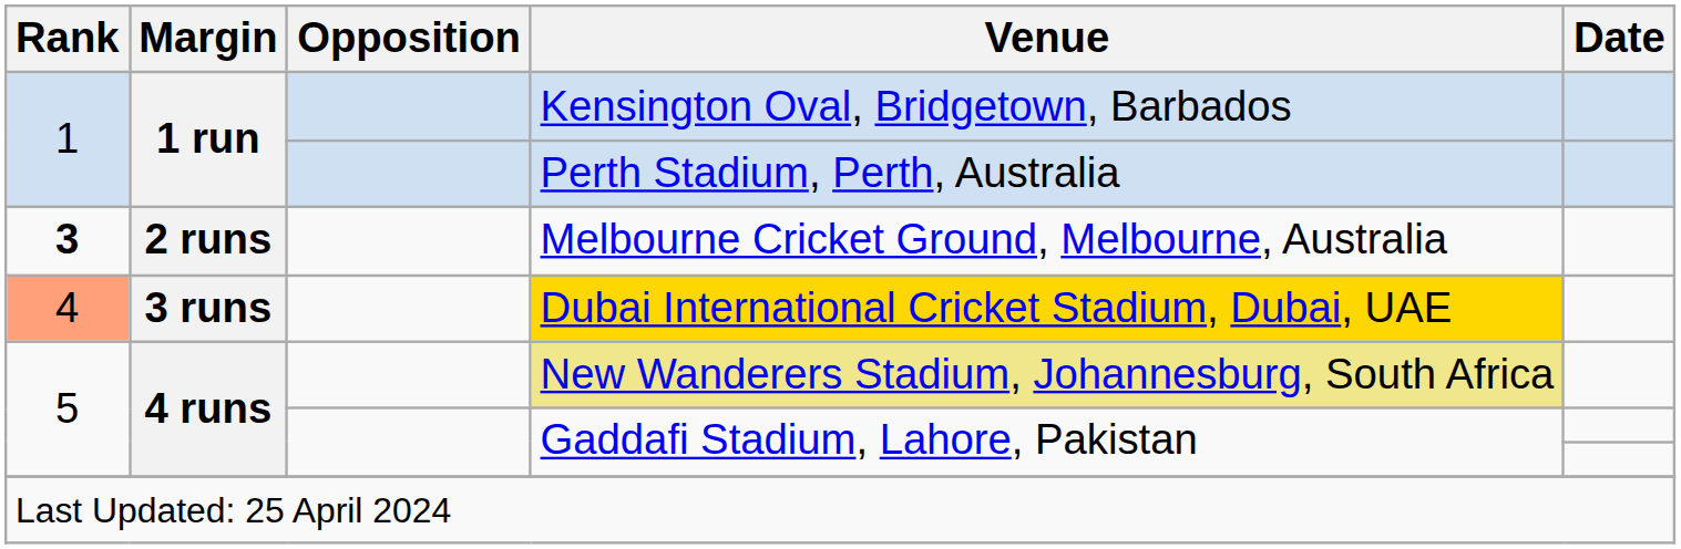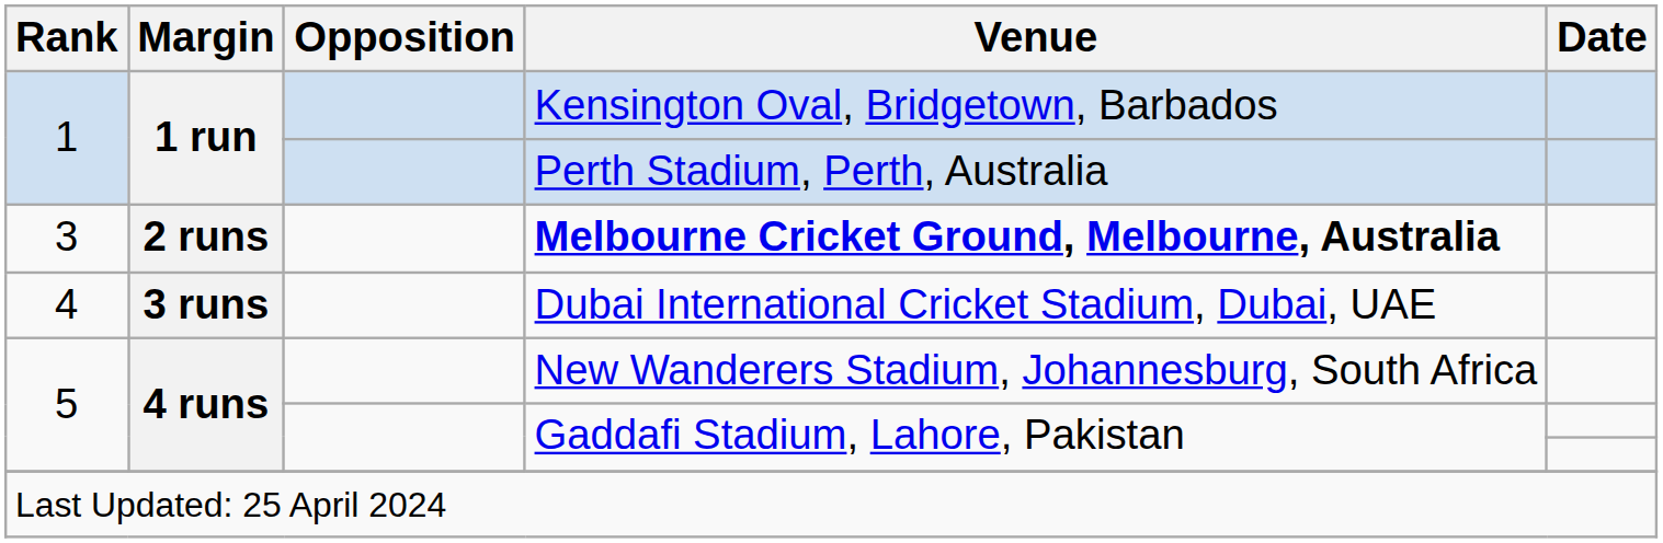 <table class="wikitable plainrowheaders sortable">
 <tr>
 <th scope=col>Rank</th>
 <th scope=col>Margin</th>
 <th scope=col>Opposition</th>
 <th scope=col>Venue</th>
 <th scope=col>Date</th>
 </tr>
 <tr bgcolor=#cee0f2>
 <td align=center rowspan=2>1</td>
 <th scope=row style=text-align:center; rowspan=2>1 run</th>
 <td></td>
 <td><a href='#'>Kensington Oval</a>, <a href='#'>Bridgetown</a>, Barbados</td>
 <td> </td>
 </tr>
 <tr bgcolor=#cee0f2>
 <td></td>
 <td><a href='#'>Perth Stadium</a>, <a href='#'>Perth</a>, Australia</td>
 <td> </td>
 </tr>
 <tr>
-<td align=center><strong>3</strong></td>
+<td align=center>3</td>
 <th scope=row style=text-align:center;>2 runs</th>
 <td></td>
-<td><a href='#'>Melbourne Cricket Ground</a>, <a href='#'>Melbourne</a>, Australia</td>
+<td><strong><a href='#'>Melbourne Cricket Ground</a>, <a href='#'>Melbourne</a>, Australia</strong></td>
 <td></td>
 </tr>
 <tr>
-<td align=center style="background: lightsalmon;">4</td>
+<td align=center>4</td>
 <th scope=row style=text-align:center;>3 runs</th>
 <td></td>
-<td style="background: gold;"><a href='#'>Dubai International Cricket Stadium</a>, <a href='#'>Dubai</a>, UAE</td>
+<td><a href='#'>Dubai International Cricket Stadium</a>, <a href='#'>Dubai</a>, UAE</td>
 <td></td>
 </tr>
 <tr>
 <td align=center rowspan=3>5</td>
 <th scope=row style=text-align:center; rowspan=3>4 runs</th>
 <td></td>
-<td style="background: khaki;"><a href='#'>New Wanderers Stadium</a>, <a href='#'>Johannesburg</a>, South Africa</td>
+<td><a href='#'>New Wanderers Stadium</a>, <a href='#'>Johannesburg</a>, South Africa</td>
 <td></td>
 </tr>
 <tr>
 <td rowspan=2></td>
 <td rowspan=2><a href='#'>Gaddafi Stadium</a>, <a href='#'>Lahore</a>, Pakistan</td>
 <td></td>
 </tr>
 <tr>
 <td></td>
 </tr>
 <tr>
 </tr>
 <tr class=sortbottom>
 <td colspan=5><small>Last Updated: 25 April 2024</small></td>
 </tr>
 </table>
